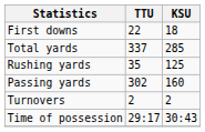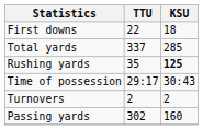 <table class="wikitable">
 <tr>
 <th>Statistics</th>
 <th>TTU</th>
 <th>KSU</th>
 </tr>
 <tr>
 <td>First downs</td>
 <td>22</td>
 <td>18</td>
 </tr>
 <tr>
 <td>Total yards</td>
 <td>337</td>
 <td>285</td>
 </tr>
 <tr>
 <td>Rushing yards</td>
 <td>35</td>
-<td>125</td>
+<td><strong>125</strong></td>
+</tr>
+<tr>
+<td>Time of possession</td>
+<td>29:17</td>
+<td>30:43</td>
+</tr>
+<tr>
+<td>Turnovers</td>
+<td>2</td>
+<td>2</td>
 </tr>
 <tr>
 <td>Passing yards</td>
 <td>302</td>
 <td>160</td>
 </tr>
 <tr>
-<td>Turnovers</td>
-<td>2</td>
-<td>2</td>
-</tr>
-<tr>
-<td>Time of possession</td>
-<td>29:17</td>
-<td>30:43</td>
-</tr>
-<tr>
 </tr>
 </table>
